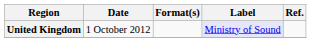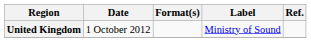 <table class=wikitable>
 <tr>
 <th scope="col">Region</th>
 <th scope="col">Date</th>
 <th scope="col">Format(s)</th>
 <th scope="col">Label</th>
 <th scope="col">Ref.</th>
 </tr>
 <tr>
 <th scope="row">United Kingdom</th>
 <td>1 October 2012</td>
 <td></td>
-<td style="background: lavender;"><a href='#'>Ministry of Sound</a></td>
+<td><a href='#'>Ministry of Sound</a></td>
 <td></td>
 </tr>
 <tr>
 </tr>
 </table>
